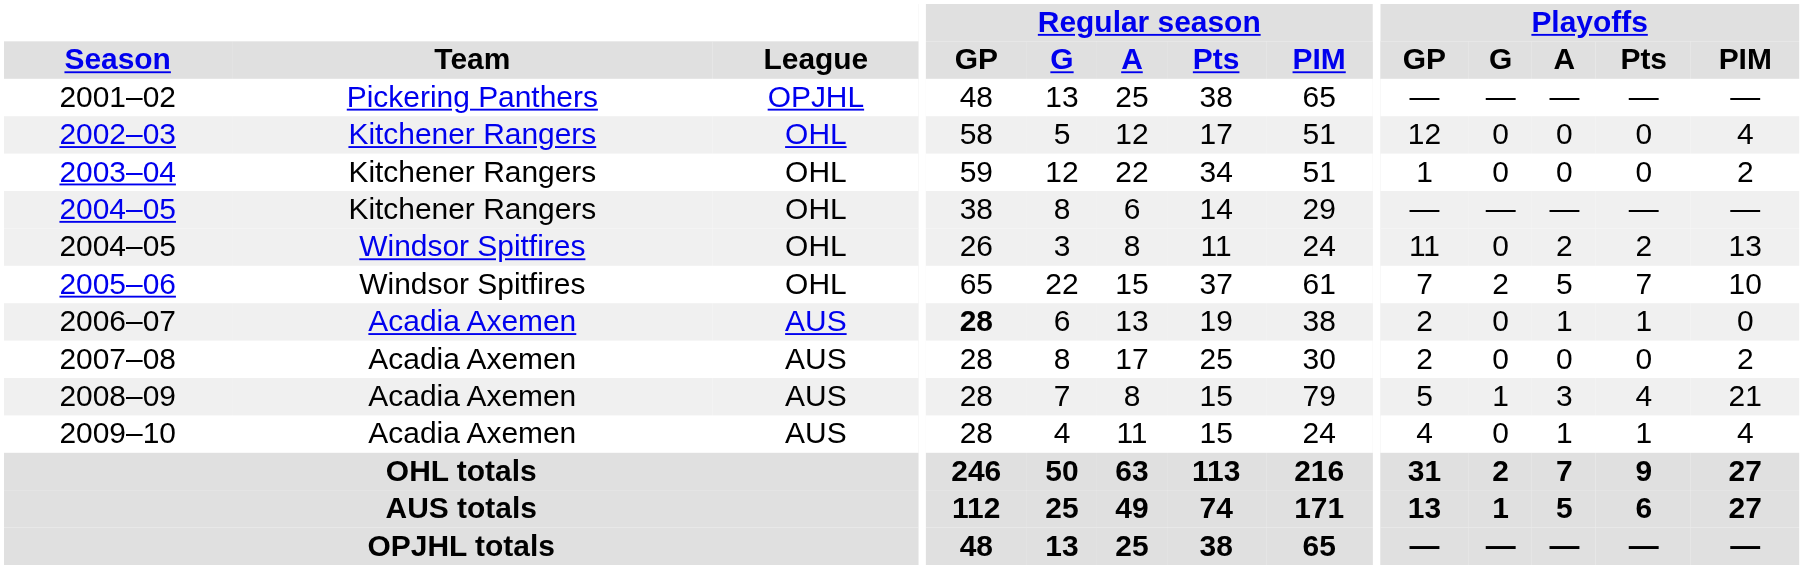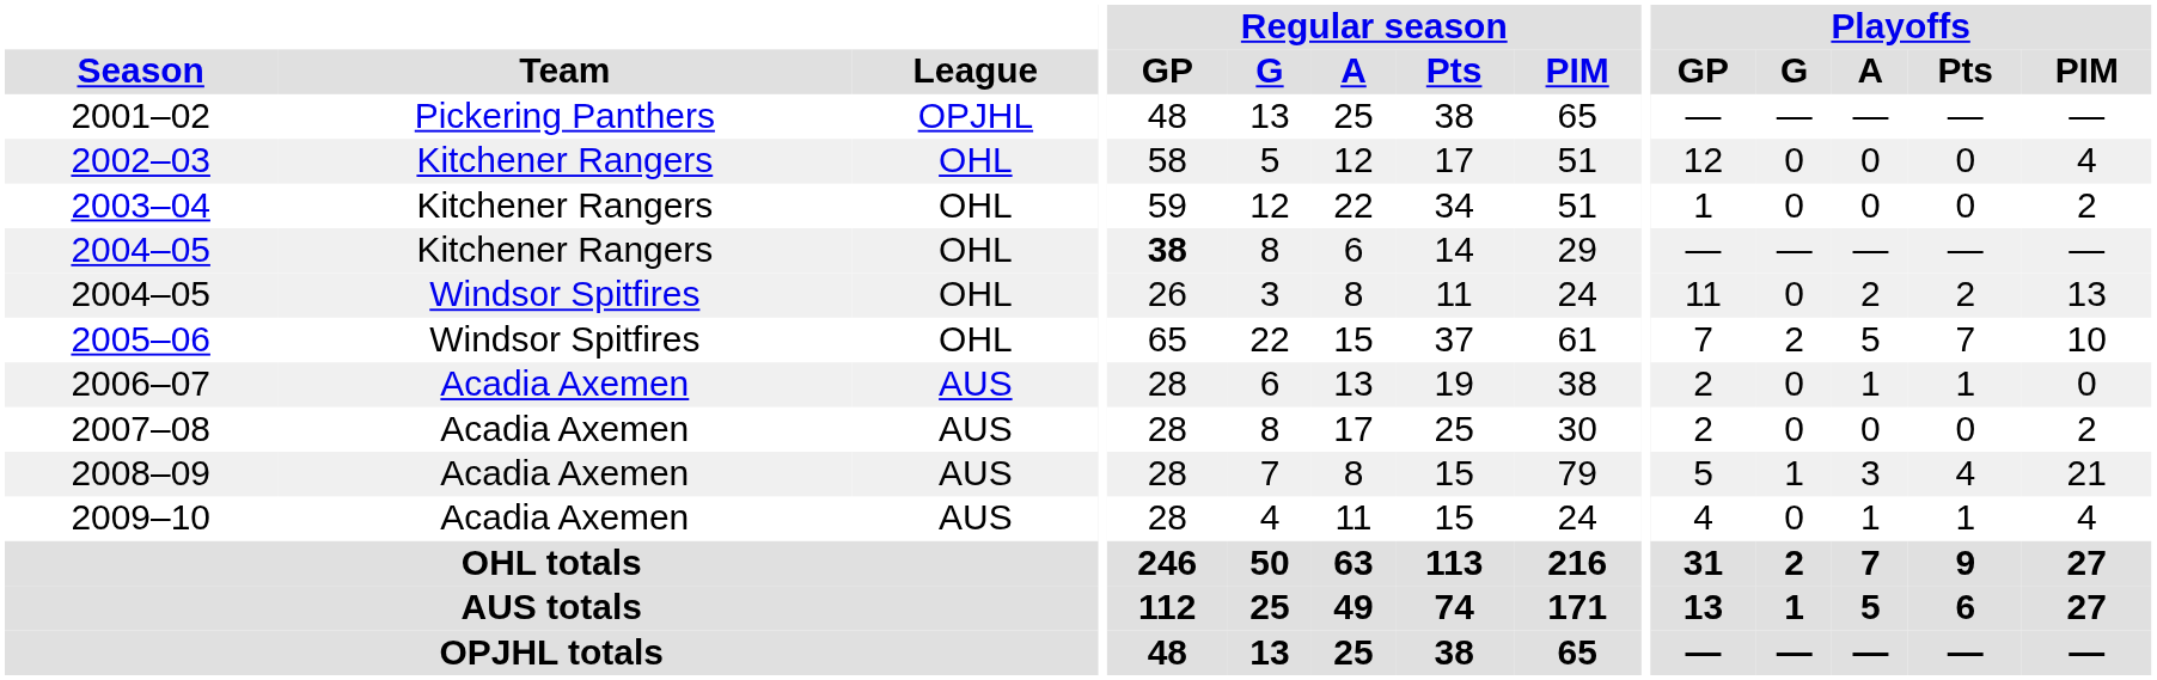 <table border="0" cellpadding="1" cellspacing="0" style="text-align:center; width:60em">
 <tr bgcolor="#e0e0e0">
 <th colspan="3" bgcolor="#ffffff"></th>
 <th rowspan="99" bgcolor="#ffffff"></th>
 <th colspan="5"><a href='#'>Regular season</a></th>
 <th rowspan="99" bgcolor="#ffffff"></th>
 <th colspan="5"><a href='#'>Playoffs</a></th>
 </tr>
 <tr bgcolor="#e0e0e0">
 <th><a href='#'>Season</a></th>
 <th>Team</th>
 <th>League</th>
 <th>GP</th>
 <th><a href='#'>G</a></th>
 <th><a href='#'>A</a></th>
 <th><a href='#'>Pts</a></th>
 <th><a href='#'>PIM</a></th>
 <th>GP</th>
 <th>G</th>
 <th>A</th>
 <th>Pts</th>
 <th>PIM</th>
 </tr>
 <tr>
 <td>2001–02</td>
 <td><a href='#'>Pickering Panthers</a></td>
 <td><a href='#'>OPJHL</a></td>
 <td>48</td>
 <td>13</td>
 <td>25</td>
 <td>38</td>
 <td>65</td>
 <td>—</td>
 <td>—</td>
 <td>—</td>
 <td>—</td>
 <td>—</td>
 </tr>
 <tr bgcolor="#f0f0f0">
 <td><a href='#'>2002–03</a></td>
 <td><a href='#'>Kitchener Rangers</a></td>
 <td><a href='#'>OHL</a></td>
 <td>58</td>
 <td>5</td>
 <td>12</td>
 <td>17</td>
 <td>51</td>
 <td>12</td>
 <td>0</td>
 <td>0</td>
 <td>0</td>
 <td>4</td>
 </tr>
 <tr>
 <td><a href='#'>2003–04</a></td>
 <td>Kitchener Rangers</td>
 <td>OHL</td>
 <td>59</td>
 <td>12</td>
 <td>22</td>
 <td>34</td>
 <td>51</td>
 <td>1</td>
 <td>0</td>
 <td>0</td>
 <td>0</td>
 <td>2</td>
 </tr>
 <tr bgcolor="#f0f0f0">
 <td><a href='#'>2004–05</a></td>
 <td>Kitchener Rangers</td>
 <td>OHL</td>
-<td>38</td>
+<td><strong>38</strong></td>
 <td>8</td>
 <td>6</td>
 <td>14</td>
 <td>29</td>
 <td>—</td>
 <td>—</td>
 <td>—</td>
 <td>—</td>
 <td>—</td>
 </tr>
 <tr bgcolor="#f0f0f0">
 <td>2004–05</td>
 <td><a href='#'>Windsor Spitfires</a></td>
 <td>OHL</td>
 <td>26</td>
 <td>3</td>
 <td>8</td>
 <td>11</td>
 <td>24</td>
 <td>11</td>
 <td>0</td>
 <td>2</td>
 <td>2</td>
 <td>13</td>
 </tr>
 <tr>
 <td><a href='#'>2005–06</a></td>
 <td>Windsor Spitfires</td>
 <td>OHL</td>
 <td>65</td>
 <td>22</td>
 <td>15</td>
 <td>37</td>
 <td>61</td>
 <td>7</td>
 <td>2</td>
 <td>5</td>
 <td>7</td>
 <td>10</td>
 </tr>
 <tr bgcolor="#f0f0f0">
 <td>2006–07</td>
 <td><a href='#'>Acadia Axemen</a></td>
 <td><a href='#'>AUS</a></td>
-<td><strong>28</strong></td>
+<td>28</td>
 <td>6</td>
 <td>13</td>
 <td>19</td>
 <td>38</td>
 <td>2</td>
 <td>0</td>
 <td>1</td>
 <td>1</td>
 <td>0</td>
 </tr>
 <tr>
 <td>2007–08</td>
 <td>Acadia Axemen</td>
 <td>AUS</td>
 <td>28</td>
 <td>8</td>
 <td>17</td>
 <td>25</td>
 <td>30</td>
 <td>2</td>
 <td>0</td>
 <td>0</td>
 <td>0</td>
 <td>2</td>
 </tr>
 <tr bgcolor="#f0f0f0">
 <td>2008–09</td>
 <td>Acadia Axemen</td>
 <td>AUS</td>
 <td>28</td>
 <td>7</td>
 <td>8</td>
 <td>15</td>
 <td>79</td>
 <td>5</td>
 <td>1</td>
 <td>3</td>
 <td>4</td>
 <td>21</td>
 </tr>
 <tr>
 <td>2009–10</td>
 <td>Acadia Axemen</td>
 <td>AUS</td>
 <td>28</td>
 <td>4</td>
 <td>11</td>
 <td>15</td>
 <td>24</td>
 <td>4</td>
 <td>0</td>
 <td>1</td>
 <td>1</td>
 <td>4</td>
 </tr>
 <tr bgcolor="#e0e0e0">
 <th colspan="3">OHL totals</th>
 <th>246</th>
 <th>50</th>
 <th>63</th>
 <th>113</th>
 <th>216</th>
 <th>31</th>
 <th>2</th>
 <th>7</th>
 <th>9</th>
 <th>27</th>
 </tr>
 <tr bgcolor="#e0e0e0">
 <th colspan="3">AUS totals</th>
 <th>112</th>
 <th>25</th>
 <th>49</th>
 <th>74</th>
 <th>171</th>
 <th>13</th>
 <th>1</th>
 <th>5</th>
 <th>6</th>
 <th>27</th>
 </tr>
 <tr bgcolor="#e0e0e0">
 <th colspan="3">OPJHL totals</th>
 <th>48</th>
 <th>13</th>
 <th>25</th>
 <th>38</th>
 <th>65</th>
 <th>—</th>
 <th>—</th>
 <th>—</th>
 <th>—</th>
 <th>—</th>
 </tr>
 </table>
